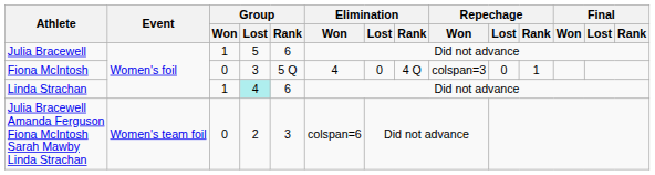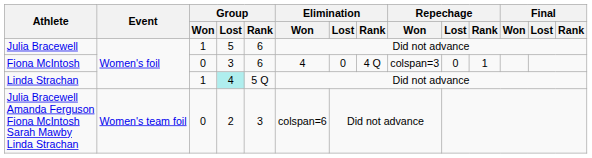 <table class=wikitable style="font-size:90%">
 <tr>
 <th rowspan="2">Athlete</th>
 <th rowspan="2">Event</th>
 <th colspan="3">Group</th>
 <th colspan="3">Elimination</th>
 <th colspan="3">Repechage</th>
 <th colspan="3">Final</th>
 </tr>
 <tr>
 <th>Won</th>
 <th>Lost</th>
 <th>Rank</th>
 <th>Won</th>
 <th>Lost</th>
 <th>Rank</th>
 <th>Won</th>
 <th>Lost</th>
 <th>Rank</th>
 <th>Won</th>
 <th>Lost</th>
 <th>Rank</th>
 </tr>
 <tr style="text-align:center;">
 <td style="text-align:left;"><a href='#'>Julia Bracewell</a></td>
 <td style="text-align:left;" rowspan=3><a href='#'>Women's foil</a></td>
 <td>1</td>
 <td>5</td>
 <td>6</td>
 <td colspan=9 style="text-align:center;">Did not advance</td>
 </tr>
 <tr style="text-align:center;">
 <td style="text-align:left;"><a href='#'>Fiona McIntosh</a></td>
 <td>0</td>
 <td>3</td>
-<td>5 Q</td>
+<td>6</td>
 <td>4</td>
 <td>0</td>
 <td>4 Q</td>
 <td>colspan=3 </td>
 <td>0</td>
 <td>1</td>
 <td></td>
 </tr>
 <tr style="text-align:center;">
 <td style="text-align:left;"><a href='#'>Linda Strachan</a></td>
 <td>1</td>
 <td style="background: paleturquoise;">4</td>
-<td>6</td>
+<td>5 Q</td>
 <td colspan=9 style="text-align:center;">Did not advance</td>
 </tr>
 <tr style="text-align:center;">
 <td style="text-align:left;"><a href='#'>Julia Bracewell</a><br><a href='#'>Amanda Ferguson</a><br><a href='#'>Fiona McIntosh</a><br><a href='#'>Sarah Mawby</a><br><a href='#'>Linda Strachan</a></td>
 <td style="text-align:left;"><a href='#'>Women's team foil</a></td>
 <td>0</td>
 <td>2</td>
 <td>3</td>
 <td>colspan=6</td>
 <td colspan=3 style="text-align:center;">Did not advance</td>
 </tr>
 </table>
